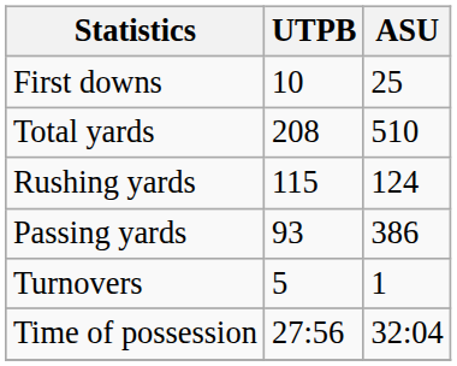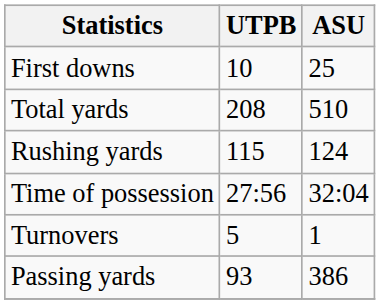 <table class="wikitable" style="float: left;">
 <tr>
 <th>Statistics</th>
 <th>UTPB</th>
 <th>ASU</th>
 </tr>
 <tr>
 <td>First downs</td>
 <td>10</td>
 <td>25</td>
 </tr>
 <tr>
 <td>Total yards</td>
 <td>208</td>
 <td>510</td>
 </tr>
 <tr>
 <td>Rushing yards</td>
 <td>115</td>
 <td>124</td>
 </tr>
 <tr>
-<td>Passing yards</td>
-<td>93</td>
-<td>386</td>
+<td>Time of possession</td>
+<td>27:56</td>
+<td>32:04</td>
 </tr>
 <tr>
 <td>Turnovers</td>
 <td>5</td>
 <td>1</td>
 </tr>
 <tr>
-<td>Time of possession</td>
-<td>27:56</td>
-<td>32:04</td>
+<td>Passing yards</td>
+<td>93</td>
+<td>386</td>
 </tr>
 <tr>
 </tr>
 </table>
